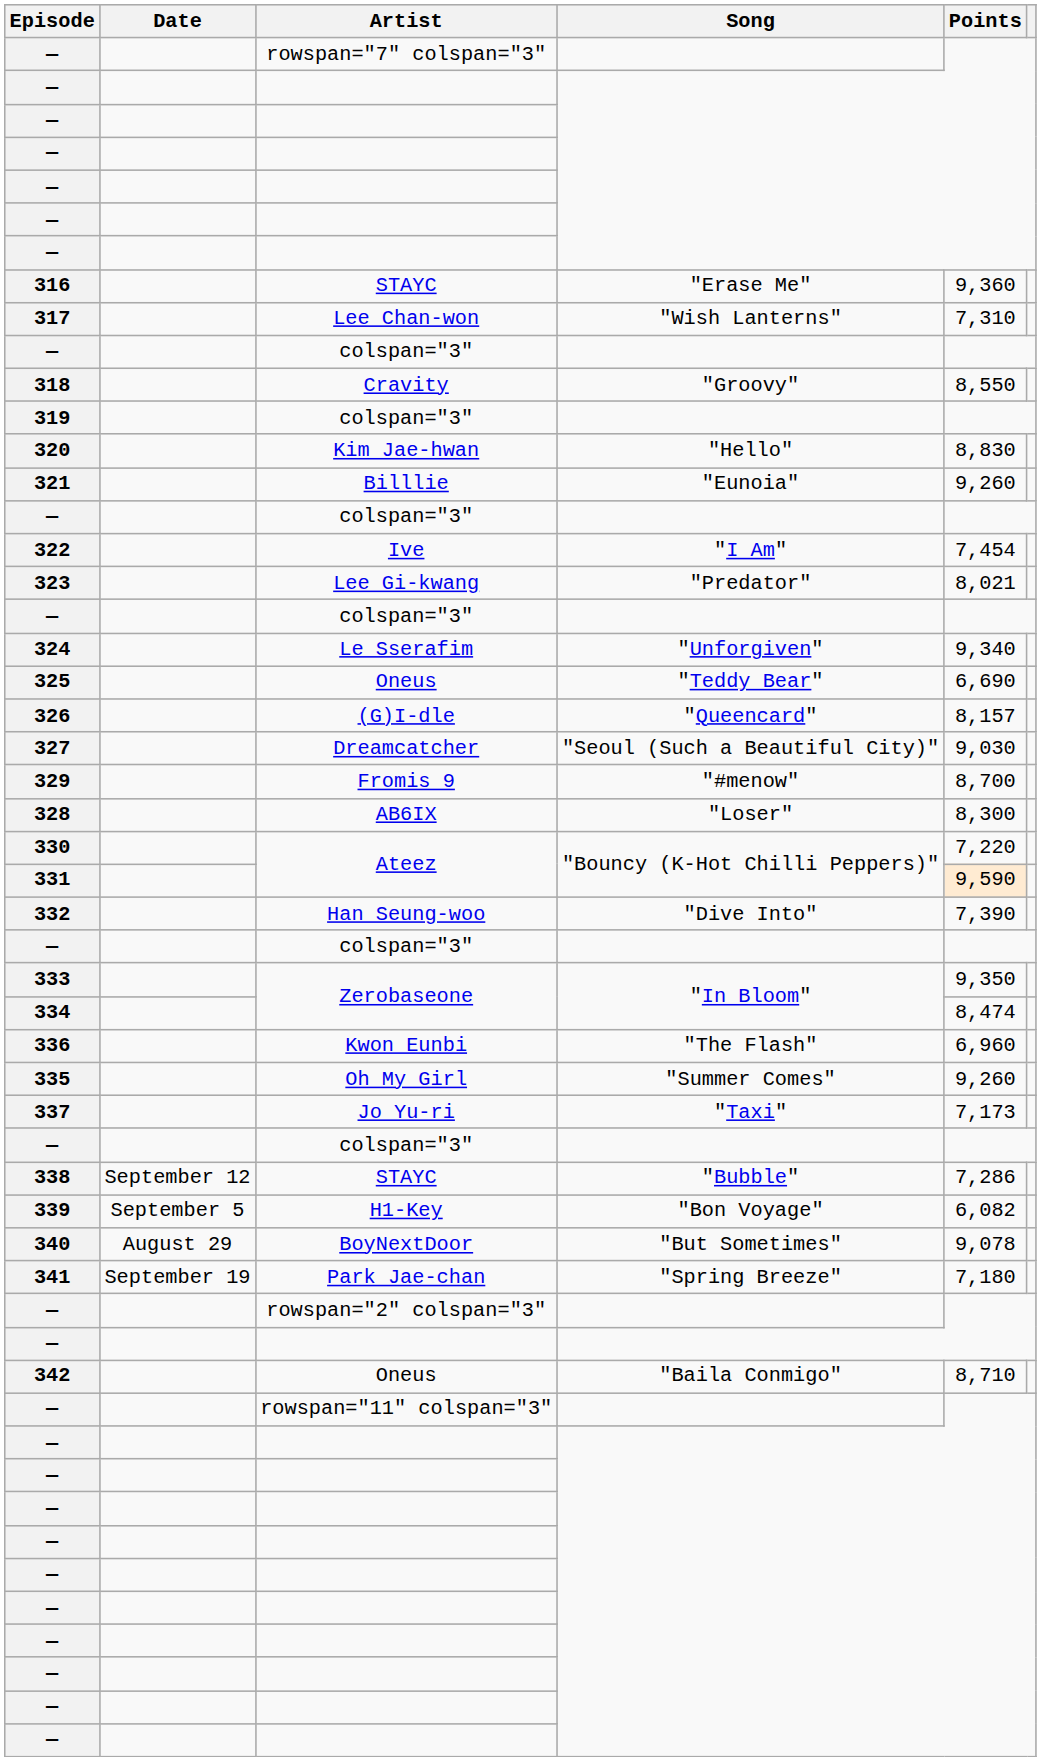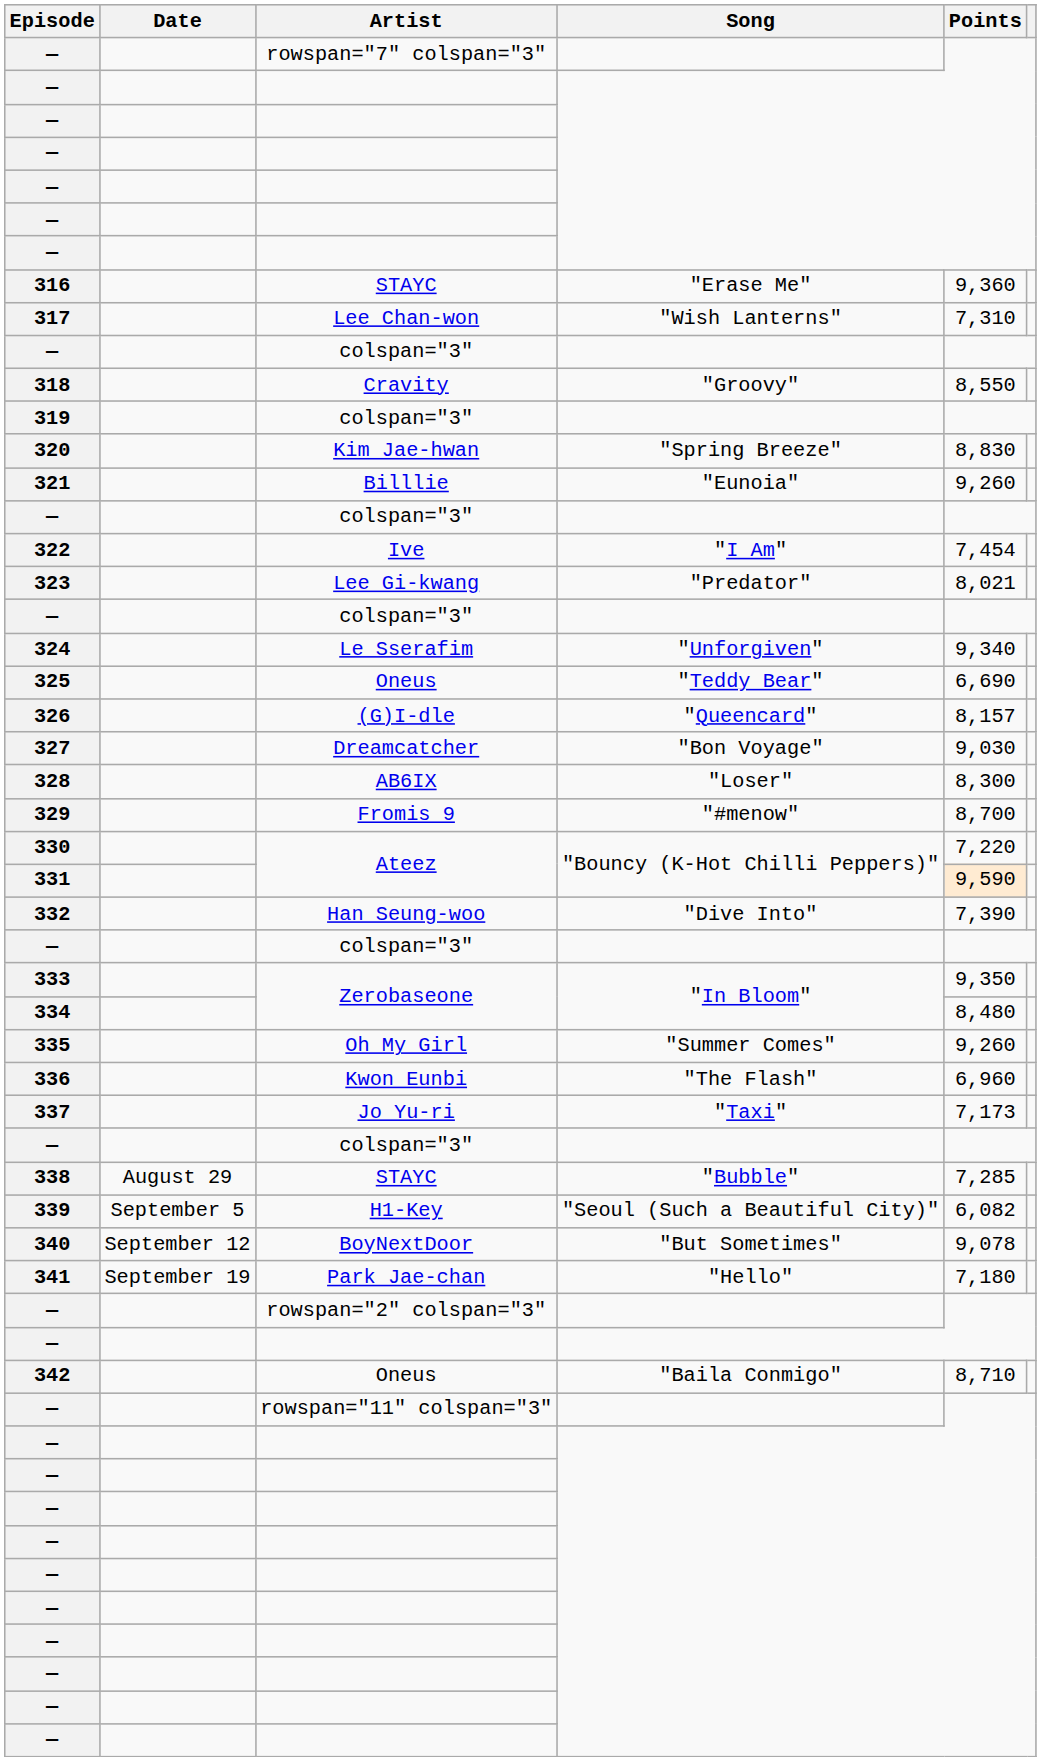 <table class="wikitable sortable plainrowheaders" style=text-align:center>
 <tr>
 <th scope="col">Episode</th>
 <th scope="col">Date</th>
 <th scope="col">Artist</th>
 <th scope="col">Song</th>
 <th scope="col">Points</th>
 <th class="unsortable"></th>
 </tr>
 <tr>
 <th scope="row">—</th>
 <td></td>
 <td>rowspan="7" colspan="3" </td>
 <td></td>
 </tr>
 <tr>
 <th scope="row">—</th>
 <td></td>
 <td></td>
 </tr>
 <tr>
 <th scope="row">—</th>
 <td></td>
 <td></td>
 </tr>
 <tr>
 <th scope="row">—</th>
 <td></td>
 <td></td>
 </tr>
 <tr>
 <th scope="row">—</th>
 <td></td>
 <td></td>
 </tr>
 <tr>
 <th scope="row">—</th>
 <td></td>
 <td></td>
 </tr>
 <tr>
 <th scope="row">—</th>
 <td></td>
 <td></td>
 </tr>
 <tr>
 <th scope="row">316</th>
 <td></td>
 <td><a href='#'>STAYC</a></td>
 <td>"Erase Me"</td>
 <td>9,360</td>
 <td></td>
 </tr>
 <tr>
 <th scope="row">317</th>
 <td></td>
 <td><a href='#'>Lee Chan-won</a></td>
 <td>"Wish Lanterns"</td>
 <td>7,310</td>
 <td></td>
 </tr>
 <tr>
 <th scope="row">—</th>
 <td></td>
 <td>colspan="3" </td>
 <td></td>
 </tr>
 <tr>
 <th scope="row">318</th>
 <td></td>
 <td><a href='#'>Cravity</a></td>
 <td>"Groovy"</td>
 <td>8,550</td>
 <td></td>
 </tr>
 <tr>
 <th scope="row">319</th>
 <td></td>
 <td>colspan="3" </td>
 <td></td>
 </tr>
 <tr>
 <th scope="row">320</th>
 <td></td>
 <td><a href='#'>Kim Jae-hwan</a></td>
-<td>"Hello"</td>
+<td>"Spring Breeze"</td>
 <td>8,830</td>
 <td></td>
 </tr>
 <tr>
 <th scope="row">321</th>
 <td></td>
 <td><a href='#'>Billlie</a></td>
 <td>"Eunoia"</td>
 <td>9,260</td>
 <td></td>
 </tr>
 <tr>
 <th scope="row">—</th>
 <td></td>
 <td>colspan="3" </td>
 <td></td>
 </tr>
 <tr>
 <th scope="row">322</th>
 <td></td>
 <td><a href='#'>Ive</a></td>
 <td>"<a href='#'>I Am</a>"</td>
 <td>7,454</td>
 <td></td>
 </tr>
 <tr>
 <th scope="row">323</th>
 <td></td>
 <td><a href='#'>Lee Gi-kwang</a></td>
 <td>"Predator"</td>
 <td>8,021</td>
 <td></td>
 </tr>
 <tr>
 <th scope="row">—</th>
 <td></td>
 <td>colspan="3" </td>
 <td></td>
 </tr>
 <tr>
 <th scope="row">324</th>
 <td></td>
 <td><a href='#'>Le Sserafim</a></td>
 <td>"<a href='#'>Unforgiven</a>"</td>
 <td>9,340</td>
 <td></td>
 </tr>
 <tr>
 <th scope="row">325</th>
 <td></td>
 <td><a href='#'>Oneus</a></td>
 <td>"<a href='#'>Teddy Bear</a>"</td>
 <td>6,690</td>
 <td></td>
 </tr>
 <tr>
 <th scope="row">326</th>
 <td></td>
 <td><a href='#'>(G)I-dle</a></td>
 <td>"<a href='#'>Queencard</a>"</td>
 <td>8,157</td>
 <td></td>
 </tr>
 <tr>
 <th scope="row">327</th>
 <td></td>
 <td><a href='#'>Dreamcatcher</a></td>
-<td>"Seoul (Such a Beautiful City)"</td>
+<td>"Bon Voyage"</td>
 <td>9,030</td>
+<td></td>
+</tr>
+<tr>
+<th scope="row">328</th>
+<td></td>
+<td><a href='#'>AB6IX</a></td>
+<td>"Loser"</td>
+<td>8,300</td>
 <td></td>
 </tr>
 <tr>
 <th scope="row">329</th>
 <td></td>
 <td><a href='#'>Fromis 9</a></td>
 <td>"#menow"</td>
 <td>8,700</td>
-<td></td>
-</tr>
-<tr>
-<th scope="row">328</th>
-<td></td>
-<td><a href='#'>AB6IX</a></td>
-<td>"Loser"</td>
-<td>8,300</td>
 <td></td>
 </tr>
 <tr>
 <th scope="row">330</th>
 <td></td>
 <td rowspan="2"><a href='#'>Ateez</a></td>
 <td rowspan="2">"Bouncy (K-Hot Chilli Peppers)"</td>
 <td>7,220</td>
 <td></td>
 </tr>
 <tr>
 <th scope="row">331</th>
 <td></td>
 <td style="background: #ffebd2;">9,590</td>
 <td></td>
 </tr>
 <tr>
 <th scope="row">332</th>
 <td></td>
 <td><a href='#'>Han Seung-woo</a></td>
 <td>"Dive Into"</td>
 <td>7,390</td>
 <td></td>
 </tr>
 <tr>
 <th scope="row">—</th>
 <td></td>
 <td>colspan="3" </td>
 <td></td>
 </tr>
 <tr>
 <th scope="row">333</th>
 <td></td>
 <td rowspan="2"><a href='#'>Zerobaseone</a></td>
 <td rowspan="2">"<a href='#'>In Bloom</a>"</td>
 <td>9,350</td>
 <td></td>
 </tr>
 <tr>
 <th scope="row">334</th>
 <td></td>
-<td>8,474</td>
+<td>8,480</td>
+<td></td>
+</tr>
+<tr>
+<th scope="row">335</th>
+<td></td>
+<td><a href='#'>Oh My Girl</a></td>
+<td>"Summer Comes"</td>
+<td>9,260</td>
 <td></td>
 </tr>
 <tr>
 <th scope="row">336</th>
 <td></td>
 <td><a href='#'>Kwon Eunbi</a></td>
 <td>"The Flash"</td>
 <td>6,960</td>
-<td></td>
-</tr>
-<tr>
-<th scope="row">335</th>
-<td></td>
-<td><a href='#'>Oh My Girl</a></td>
-<td>"Summer Comes"</td>
-<td>9,260</td>
 <td></td>
 </tr>
 <tr>
 <th scope="row">337</th>
 <td></td>
 <td><a href='#'>Jo Yu-ri</a></td>
 <td>"<a href='#'>Taxi</a>"</td>
 <td>7,173</td>
 <td></td>
 </tr>
 <tr>
 <th scope="row">—</th>
 <td></td>
 <td>colspan="3" </td>
 <td></td>
 </tr>
 <tr>
 <th scope="row">338</th>
-<td>September 12</td>
+<td>August 29</td>
 <td><a href='#'>STAYC</a></td>
 <td>"<a href='#'>Bubble</a>"</td>
-<td>7,286</td>
+<td>7,285</td>
 <td></td>
 </tr>
 <tr>
 <th scope="row">339</th>
 <td>September 5</td>
 <td><a href='#'>H1-Key</a></td>
-<td>"Bon Voyage"</td>
+<td>"Seoul (Such a Beautiful City)"</td>
 <td>6,082</td>
 <td></td>
 </tr>
 <tr>
 <th scope="row">340</th>
-<td>August 29</td>
+<td>September 12</td>
 <td><a href='#'>BoyNextDoor</a></td>
 <td>"But Sometimes"</td>
 <td>9,078</td>
 <td></td>
 </tr>
 <tr>
 <th scope="row">341</th>
 <td>September 19</td>
 <td><a href='#'>Park Jae-chan</a></td>
-<td>"Spring Breeze"</td>
+<td>"Hello"</td>
 <td>7,180</td>
 <td></td>
 </tr>
 <tr>
 <th scope="row">—</th>
 <td></td>
 <td>rowspan="2" colspan="3" </td>
 <td></td>
 </tr>
 <tr>
 <th scope="row">—</th>
 <td></td>
 <td></td>
 </tr>
 <tr>
 <th scope="row">342</th>
 <td></td>
 <td>Oneus</td>
 <td>"Baila Conmigo"</td>
 <td>8,710</td>
 <td></td>
 </tr>
 <tr>
 <th scope="row">—</th>
 <td></td>
 <td>rowspan="11" colspan="3" </td>
 <td></td>
 </tr>
 <tr>
 <th scope="row">—</th>
 <td></td>
 <td></td>
 </tr>
 <tr>
 <th scope="row">—</th>
 <td></td>
 <td></td>
 </tr>
 <tr>
 <th scope="row">—</th>
 <td></td>
 <td></td>
 </tr>
 <tr>
 <th scope="row">—</th>
 <td></td>
 <td></td>
 </tr>
 <tr>
 <th scope="row">—</th>
 <td></td>
 <td></td>
 </tr>
 <tr>
 <th scope="row">—</th>
 <td></td>
 <td></td>
 </tr>
 <tr>
 <th scope="row">—</th>
 <td></td>
 <td></td>
 </tr>
 <tr>
 <th scope="row">—</th>
 <td></td>
 <td></td>
 </tr>
 <tr>
 <th scope="row">—</th>
 <td></td>
 <td></td>
 </tr>
 <tr>
 <th scope="row">—</th>
 <td></td>
 <td></td>
 </tr>
 </table>
